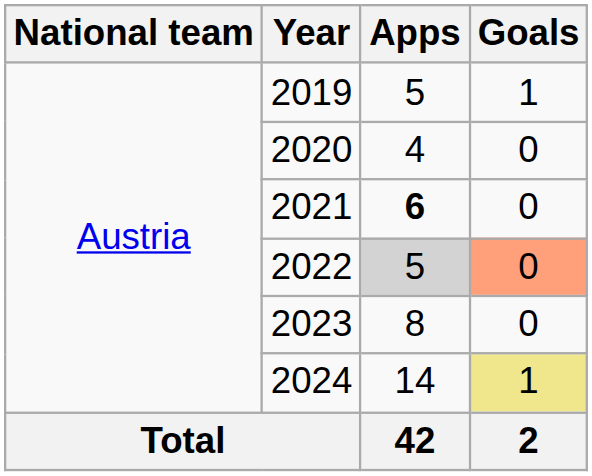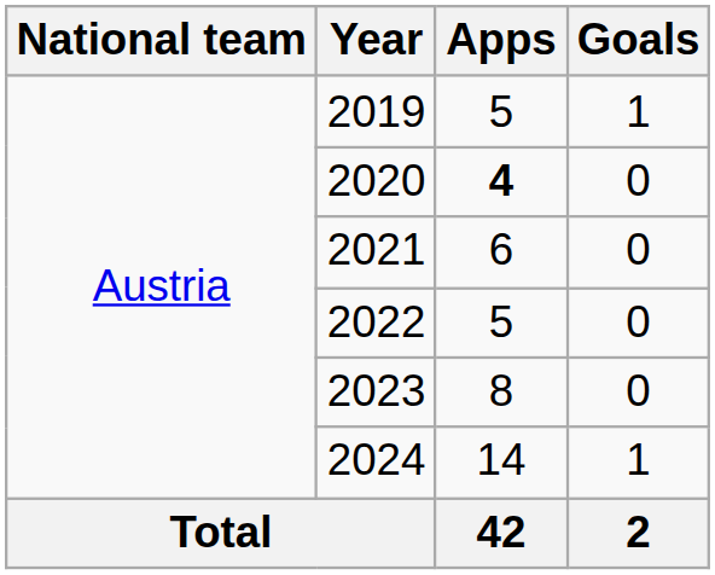 <table class="wikitable" style="text-align:center">
 <tr>
 <th>National team</th>
 <th>Year</th>
 <th>Apps</th>
 <th>Goals</th>
 </tr>
 <tr>
 <td rowspan="6"><a href='#'>Austria</a></td>
 <td>2019</td>
 <td>5</td>
 <td>1</td>
 </tr>
 <tr>
 <td>2020</td>
-<td>4</td>
+<td><strong>4</strong></td>
 <td>0</td>
 </tr>
 <tr>
 <td>2021</td>
-<td><strong>6</strong></td>
+<td>6</td>
 <td>0</td>
 </tr>
 <tr>
 <td>2022</td>
-<td style="background: lightgrey;">5</td>
-<td style="background: lightsalmon;">0</td>
+<td>5</td>
+<td>0</td>
 </tr>
 <tr>
 <td>2023</td>
 <td>8</td>
 <td>0</td>
 </tr>
 <tr>
 <td>2024</td>
 <td>14</td>
-<td style="background: khaki;">1</td>
+<td>1</td>
 </tr>
 <tr>
 <th colspan="2">Total</th>
 <th>42</th>
 <th>2</th>
 </tr>
 </table>
